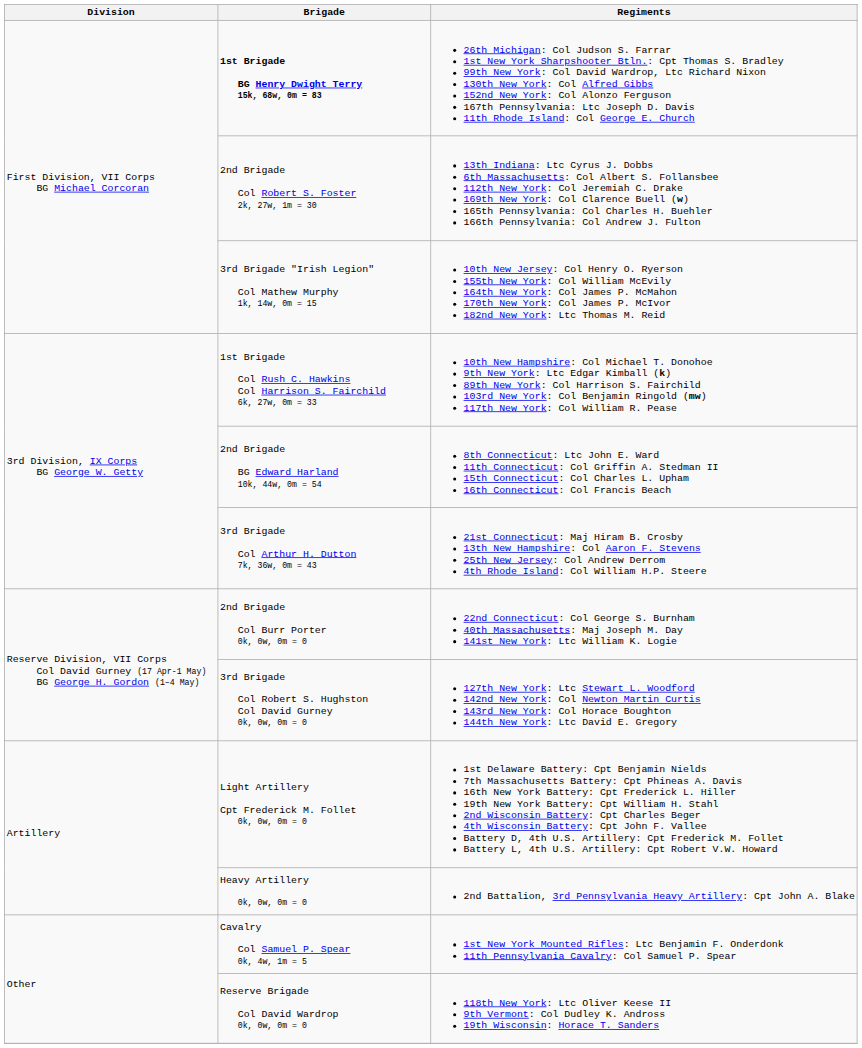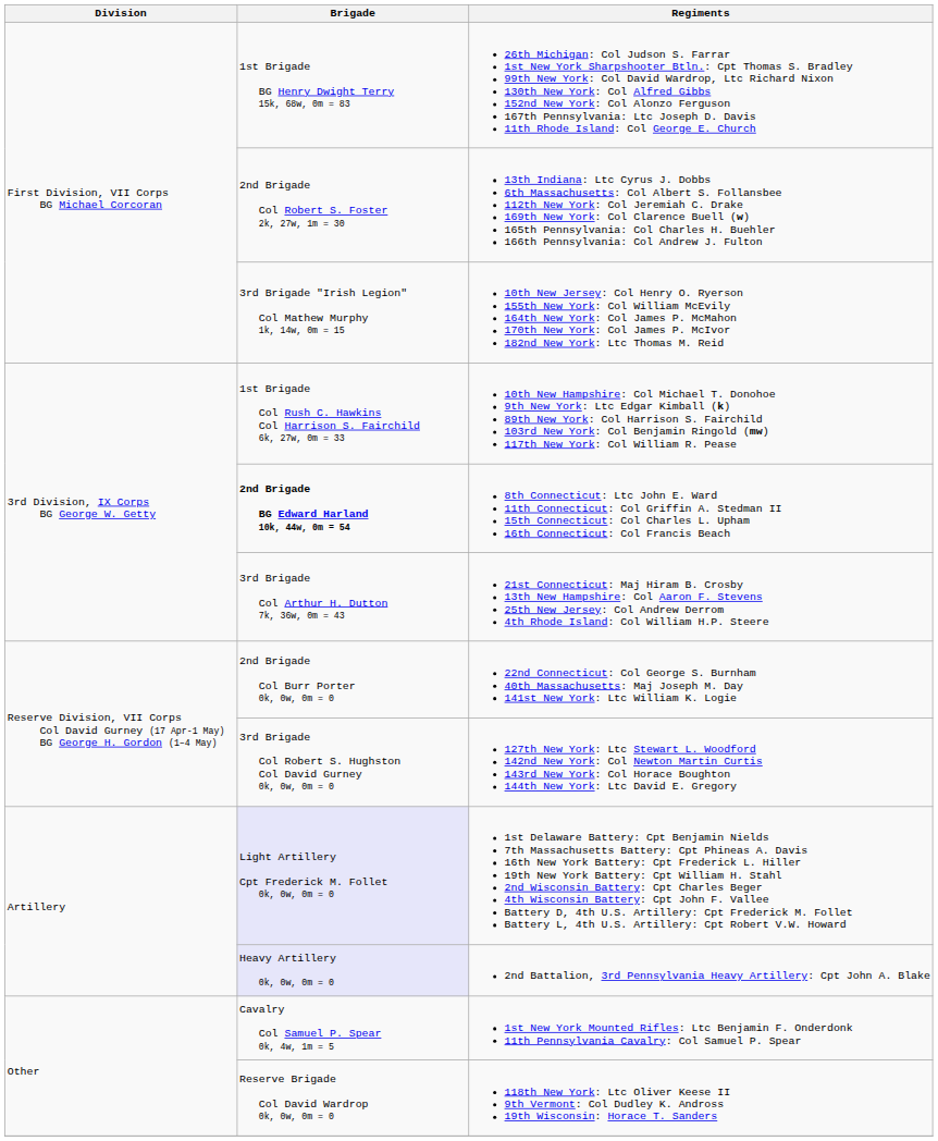 <table class="wikitable">
 <tr>
 <th width=25%>Division</th>
 <th width=25%>Brigade</th>
 <th>Regiments</th>
 </tr>
 <tr>
 <td rowspan=3><br>First Division, VII Corps <br>     BG <a href='#'>Michael Corcoran</a></td>
-<td><strong>1st Brigade<br><br>   BG <a href='#'>Henry Dwight Terry</a> <br>   <small>15k, 68w, 0m = 83</small></strong></td>
+<td>1st Brigade<br><br>   BG <a href='#'>Henry Dwight Terry</a> <br>   <small>15k, 68w, 0m = 83</small></td>
 <td><br><ul><li><a href='#'>26th Michigan</a>: Col Judson S. Farrar</li><li><a href='#'>1st New York Sharpshooter Btln.</a>: Cpt Thomas S. Bradley</li><li><a href='#'>99th New York</a>: Col David Wardrop, Ltc Richard Nixon</li><li><a href='#'>130th New York</a>: Col <a href='#'>Alfred Gibbs</a></li><li><a href='#'>152nd New York</a>: Col Alonzo Ferguson</li><li>167th Pennsylvania: Ltc Joseph D. Davis</li><li><a href='#'>11th Rhode Island</a>: Col <a href='#'>George E. Church</a></li></ul></td>
 </tr>
 <tr>
 <td>2nd Brigade<br><br>   Col <a href='#'>Robert S. Foster</a> <br>   <small>2k, 27w, 1m = 30</small></td>
 <td><br><ul><li><a href='#'>13th Indiana</a>: Ltc Cyrus J. Dobbs</li><li><a href='#'>6th Massachusetts</a>: Col Albert S. Follansbee</li><li><a href='#'>112th New York</a>: Col Jeremiah C. Drake</li><li><a href='#'>169th New York</a>: Col Clarence Buell (<strong>w</strong>)</li><li>165th Pennsylvania: Col Charles H. Buehler</li><li>166th Pennsylvania: Col Andrew J. Fulton</li></ul></td>
 </tr>
 <tr>
 <td>3rd Brigade "Irish Legion"<br><br>   Col Mathew Murphy <br>   <small>1k, 14w, 0m = 15</small></td>
 <td><br><ul><li><a href='#'>10th New Jersey</a>: Col Henry O. Ryerson</li><li><a href='#'>155th New York</a>: Col William McEvily</li><li><a href='#'>164th New York</a>: Col James P. McMahon</li><li><a href='#'>170th New York</a>: Col James P. McIvor</li><li><a href='#'>182nd New York</a>: Ltc Thomas M. Reid</li></ul></td>
 </tr>
 <tr>
 <td rowspan=3><br>3rd Division, <a href='#'>IX Corps</a> <br>     BG <a href='#'>George W. Getty</a></td>
 <td>1st Brigade<br><br>   Col <a href='#'>Rush C. Hawkins</a><br>   Col <a href='#'>Harrison S. Fairchild</a> <br>   <small>6k, 27w, 0m = 33</small></td>
 <td><br><ul><li><a href='#'>10th New Hampshire</a>: Col Michael T. Donohoe</li><li><a href='#'>9th New York</a>: Ltc Edgar Kimball (<strong>k</strong>)</li><li><a href='#'>89th New York</a>: Col Harrison S. Fairchild</li><li><a href='#'>103rd New York</a>: Col Benjamin Ringold (<strong>mw</strong>)</li><li><a href='#'>117th New York</a>: Col William R. Pease</li></ul></td>
 </tr>
 <tr>
-<td>2nd Brigade<br><br>   BG <a href='#'>Edward Harland</a> <br>   <small>10k, 44w, 0m = 54</small></td>
+<td><strong>2nd Brigade<br><br>   BG <a href='#'>Edward Harland</a> <br>   <small>10k, 44w, 0m = 54</small></strong></td>
 <td><br><ul><li><a href='#'>8th Connecticut</a>: Ltc John E. Ward</li><li><a href='#'>11th Connecticut</a>: Col Griffin A. Stedman II</li><li><a href='#'>15th Connecticut</a>: Col Charles L. Upham</li><li><a href='#'>16th Connecticut</a>: Col Francis Beach</li></ul></td>
 </tr>
 <tr>
 <td>3rd Brigade<br><br>   Col <a href='#'>Arthur H. Dutton</a> <br>   <small>7k, 36w, 0m = 43</small></td>
 <td><br><ul><li><a href='#'>21st Connecticut</a>: Maj Hiram B. Crosby</li><li><a href='#'>13th New Hampshire</a>: Col <a href='#'>Aaron F. Stevens</a></li><li><a href='#'>25th New Jersey</a>: Col Andrew Derrom</li><li><a href='#'>4th Rhode Island</a>: Col William H.P. Steere</li></ul></td>
 </tr>
 <tr>
 <td rowspan=2><br>Reserve Division, VII Corps <br>     Col David Gurney <small>(17 Apr-1 May)</small><br>     BG <a href='#'>George H. Gordon</a> <small>(1–4 May)</small></td>
 <td>2nd Brigade<br><br>   Col Burr Porter <br>   <small>0k, 0w, 0m = 0</small></td>
 <td><br><ul><li><a href='#'>22nd Connecticut</a>: Col George S. Burnham</li><li><a href='#'>40th Massachusetts</a>: Maj Joseph M. Day</li><li><a href='#'>141st New York</a>: Ltc William K. Logie</li></ul></td>
 </tr>
 <tr>
 <td>3rd Brigade<br><br>   Col Robert S. Hughston<br>   Col David Gurney <br>   <small>0k, 0w, 0m = 0</small></td>
 <td><br><ul><li><a href='#'>127th New York</a>: Ltc <a href='#'>Stewart L. Woodford</a></li><li><a href='#'>142nd New York</a>: Col <a href='#'>Newton Martin Curtis</a></li><li><a href='#'>143rd New York</a>: Col Horace Boughton</li><li><a href='#'>144th New York</a>: Ltc David E. Gregory</li></ul></td>
 </tr>
 <tr>
 <td rowspan=2><br>Artillery</td>
-<td>Light Artillery<br>  <br>Cpt Frederick M. Follet<br>   <small>0k, 0w, 0m = 0</small></td>
+<td style="background: lavender;">Light Artillery<br>  <br>Cpt Frederick M. Follet<br>   <small>0k, 0w, 0m = 0</small></td>
 <td><br><ul><li>1st Delaware Battery: Cpt Benjamin Nields</li><li>7th Massachusetts Battery: Cpt Phineas A. Davis</li><li>16th New York Battery: Cpt Frederick L. Hiller</li><li>19th New York Battery: Cpt William H. Stahl</li><li><a href='#'>2nd Wisconsin Battery</a>: Cpt Charles Beger</li><li><a href='#'>4th Wisconsin Battery</a>: Cpt John F. Vallee</li><li>Battery D, 4th U.S. Artillery: Cpt Frederick M. Follet</li><li>Battery L, 4th U.S. Artillery: Cpt Robert V.W. Howard</li></ul></td>
 </tr>
 <tr>
-<td>Heavy Artillery<br><br>   <small>0k, 0w, 0m = 0</small></td>
+<td style="background: lavender;">Heavy Artillery<br><br>   <small>0k, 0w, 0m = 0</small></td>
 <td><br><ul><li>2nd Battalion, <a href='#'>3rd Pennsylvania Heavy Artillery</a>: Cpt John A. Blake</li></ul></td>
 </tr>
 <tr>
 <td rowspan=2><br>Other</td>
 <td>Cavalry<br><br>   Col <a href='#'>Samuel P. Spear</a> <br>   <small>0k, 4w, 1m = 5</small></td>
 <td><br><ul><li><a href='#'>1st New York Mounted Rifles</a>: Ltc Benjamin F. Onderdonk</li><li><a href='#'>11th Pennsylvania Cavalry</a>: Col Samuel P. Spear</li></ul></td>
 </tr>
 <tr>
 <td>Reserve Brigade<br><br>   Col David Wardrop <br>   <small>0k, 0w, 0m = 0</small></td>
 <td><br><ul><li><a href='#'>118th New York</a>: Ltc Oliver Keese II</li><li><a href='#'>9th Vermont</a>: Col Dudley K. Andross</li><li><a href='#'>19th Wisconsin</a>: <a href='#'>Horace T. Sanders</a></li></ul></td>
 </tr>
 <tr>
 </tr>
 </table>
